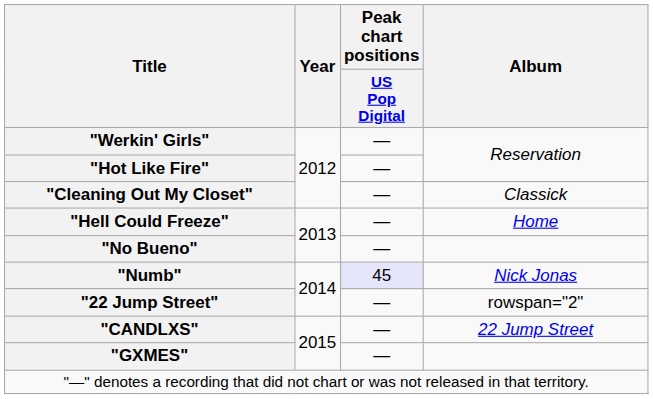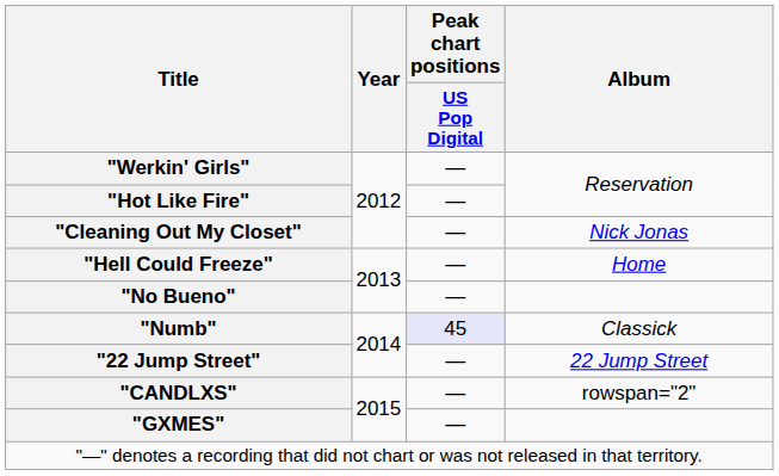 <table class="wikitable plainrowheaders" style="text-align:center;">
 <tr>
 <th scope="col" rowspan="2" style="width:20em;">Title</th>
 <th scope="col" rowspan="2" style="width:1em;">Year</th>
 <th scope="col" colspan="1">Peak chart positions</th>
 <th scope="col" rowspan="2" style="width:15em;">Album</th>
 </tr>
 <tr>
 <th scope="col" style="width:3em;font-size:90%;"><a href='#'>US<br>Pop<br>Digital</a><br></th>
 </tr>
 <tr>
 <th scope="row">"Werkin' Girls"</th>
 <td rowspan="3">2012</td>
 <td>—</td>
 <td rowspan="2"><em>Reservation</em></td>
 </tr>
 <tr>
 <th scope="row">"Hot Like Fire"</th>
 <td>—</td>
 </tr>
 <tr>
 <th scope="row">"Cleaning Out My Closet"</th>
 <td>—</td>
-<td><em>Classick</em></td>
+<td><em><a href='#'>Nick Jonas</a></em></td>
 </tr>
 <tr>
 <th scope="row">"Hell Could Freeze"<br></th>
 <td rowspan="2">2013</td>
 <td>—</td>
 <td><em><a href='#'>Home</a></em></td>
 </tr>
 <tr>
 <th scope="row">"No Bueno"</th>
 <td>—</td>
 <td></td>
 </tr>
 <tr>
 <th scope="row">"Numb"<br></th>
 <td rowspan="2">2014</td>
 <td style="background: lavender;">45</td>
-<td><em><a href='#'>Nick Jonas</a></em></td>
+<td><em>Classick</em></td>
 </tr>
 <tr>
 <th scope="row">"22 Jump Street"<br></th>
 <td>—</td>
-<td>rowspan="2" </td>
+<td><em><a href='#'>22 Jump Street</a></em></td>
 </tr>
 <tr>
 <th scope="row">"CANDLXS"</th>
 <td rowspan="2">2015</td>
 <td>—</td>
-<td><em><a href='#'>22 Jump Street</a></em></td>
+<td>rowspan="2" </td>
 </tr>
 <tr>
 <th scope="row">"GXMES"</th>
 <td>—</td>
 </tr>
 <tr>
 <td colspan="8" style="font-size:90%">"—" denotes a recording that did not chart or was not released in that territory.</td>
 </tr>
 </table>
